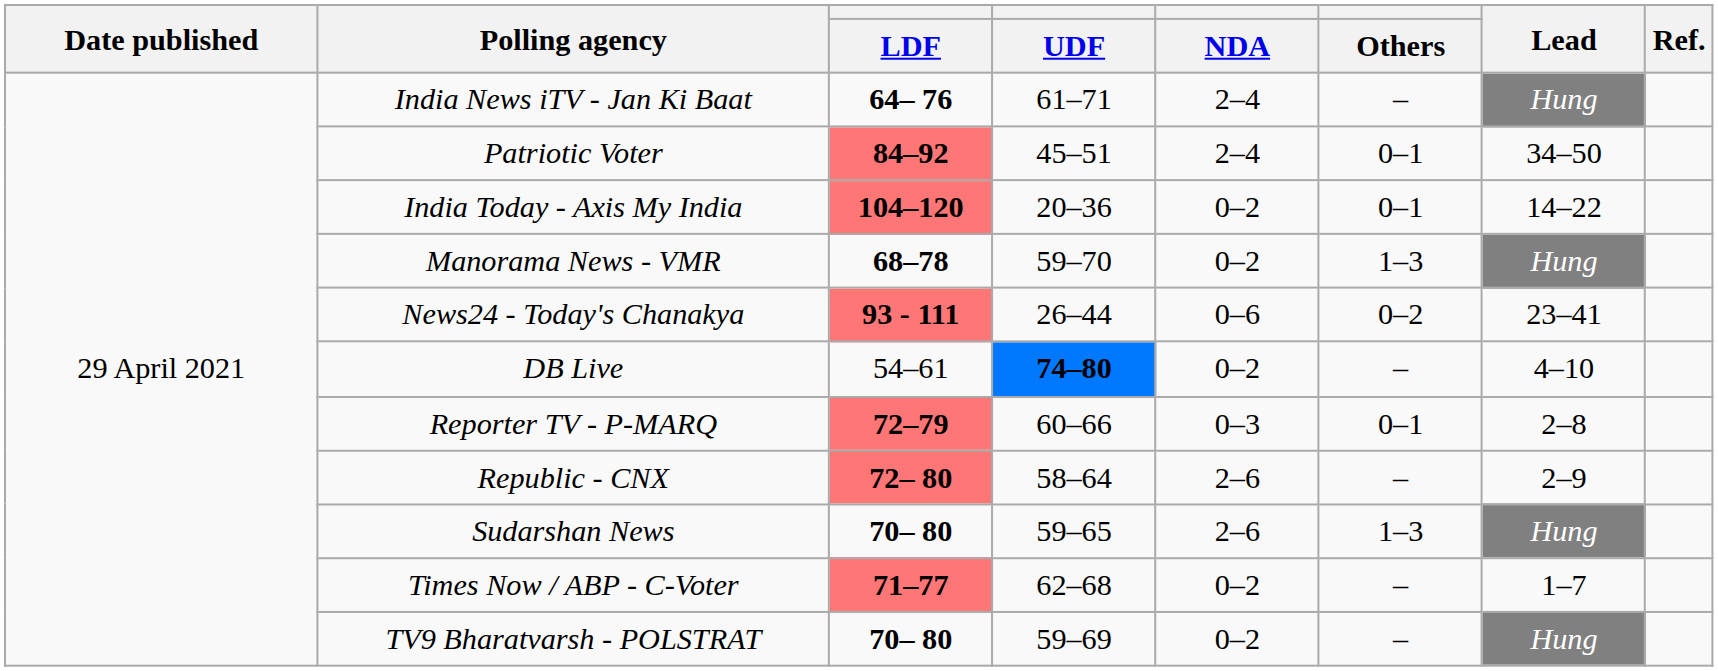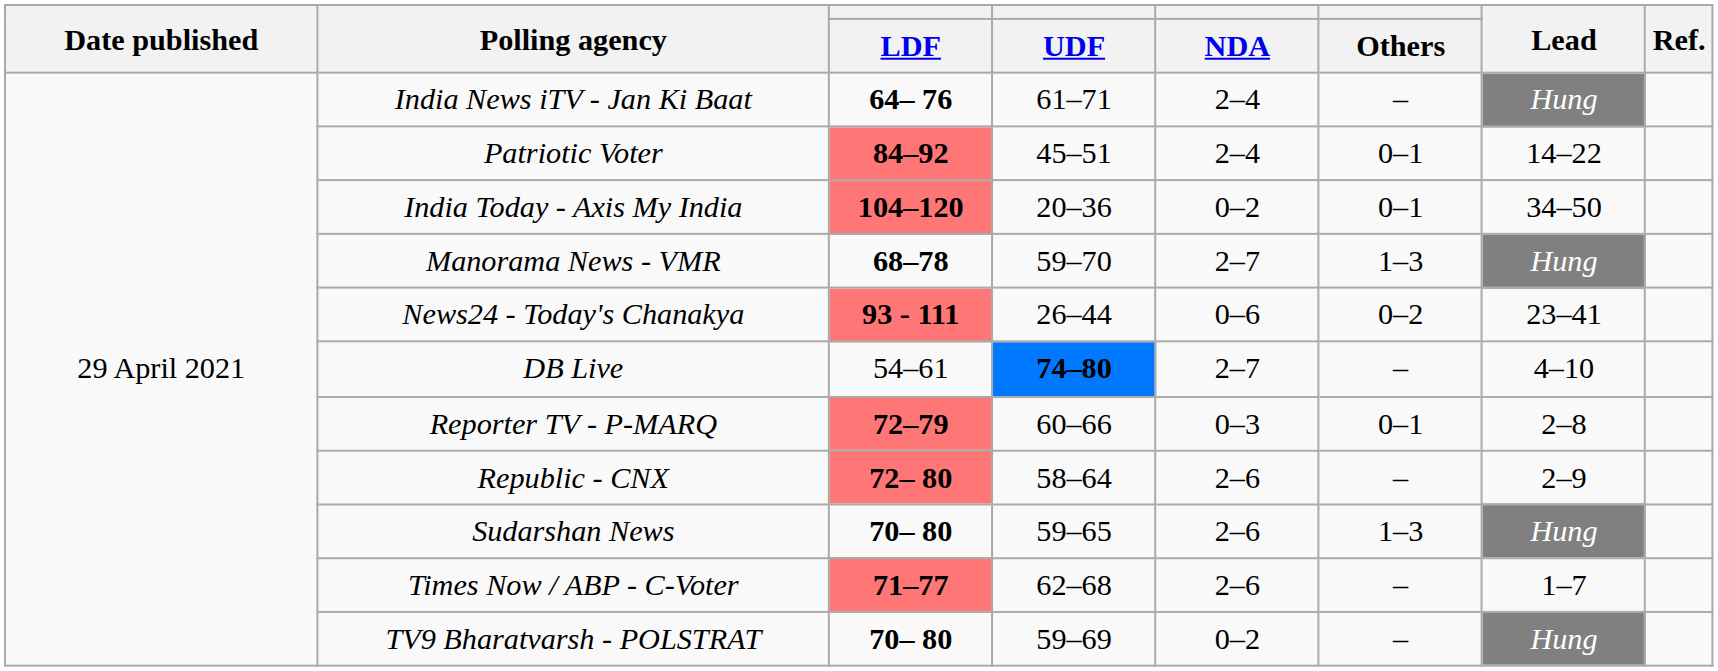 <table class="wikitable" style="text-align:center;font-size:95%;line-height:20px">
 <tr>
 <th rowspan="2" width="150px">Date published</th>
 <th rowspan="2" width="250px">Polling agency</th>
 <th style="color:inherit;background:"></th>
 <th style="color:inherit;background:"></th>
 <th style="color:inherit;background:"></th>
 <th style="color:inherit;background:"></th>
 <th rowspan="2" width="75px">Lead</th>
 <th rowspan="2">Ref.</th>
 </tr>
 <tr>
 <th style="width:75px;"><a href='#'>LDF</a></th>
 <th style="width:75px;"><a href='#'>UDF</a></th>
 <th style="width:75px;"><a href='#'>NDA</a></th>
 <th style="width:75px;">Others</th>
 </tr>
 <tr>
 <td rowspan="11">29 April 2021</td>
 <td><em>India News iTV - Jan Ki Baat</em></td>
 <td><strong>64– 76</strong></td>
 <td>61–71</td>
 <td>2–4</td>
 <td>–</td>
 <td style="background:gray; color:white;"><em>Hung</em></td>
 <td></td>
 </tr>
 <tr>
 <td><em>Patriotic Voter</em></td>
 <td style="background:#FF7676;"><strong>84–92</strong></td>
 <td>45–51</td>
 <td>2–4</td>
 <td>0–1</td>
-<td style="background:">34–50</td>
+<td style="background:">14–22</td>
 <td></td>
 </tr>
 <tr>
 <td><em>India Today - Axis My India</em></td>
 <td style="background:#FF7676;"><strong>104–120</strong></td>
 <td>20–36</td>
 <td>0–2</td>
 <td>0–1</td>
-<td style="background:">14–22</td>
+<td style="background:">34–50</td>
 <td></td>
 </tr>
 <tr>
 <td><em>Manorama News - VMR</em></td>
 <td><strong>68–78</strong></td>
 <td>59–70</td>
-<td>0–2</td>
+<td>2–7</td>
 <td>1–3</td>
 <td style="background:gray; color:white;"><em>Hung</em></td>
 <td></td>
 </tr>
 <tr>
 <td><em>News24 - Today's Chanakya</em></td>
 <td style="background:#FF7676;"><strong>93 - 111</strong></td>
 <td>26–44</td>
 <td>0–6</td>
 <td>0–2</td>
 <td style="background:">23–41</td>
 <td></td>
 </tr>
 <tr>
 <td><em>DB Live</em></td>
 <td>54–61</td>
 <td style="background:#0078FF;"><strong>74–80</strong></td>
-<td>0–2</td>
+<td>2–7</td>
 <td>–</td>
 <td style="background:">4–10</td>
 <td></td>
 </tr>
 <tr>
 <td><em>Reporter TV - P-MARQ</em></td>
 <td style="background:#FF7676;"><strong>72–79</strong></td>
 <td>60–66</td>
 <td>0–3</td>
 <td>0–1</td>
 <td style="background:">2–8</td>
 <td></td>
 </tr>
 <tr>
 <td><em>Republic - CNX</em></td>
 <td style="background:#FF7676;"><strong>72– 80</strong></td>
 <td>58–64</td>
 <td>2–6</td>
 <td>–</td>
 <td style="background:">2–9</td>
 <td></td>
 </tr>
 <tr>
 <td><em>Sudarshan News</em></td>
 <td><strong>70– 80</strong></td>
 <td>59–65</td>
 <td>2–6</td>
 <td>1–3</td>
 <td style="background:gray; color:white;"><em>Hung</em></td>
 <td></td>
 </tr>
 <tr>
 <td><em>Times Now / ABP - C-Voter</em></td>
 <td style="background:#FF7676;"><strong>71–77</strong></td>
 <td>62–68</td>
-<td>0–2</td>
+<td>2–6</td>
 <td>–</td>
 <td style="background:">1–7</td>
 <td></td>
 </tr>
 <tr>
 <td><em>TV9 Bharatvarsh - POLSTRAT</em></td>
 <td><strong>70– 80</strong></td>
 <td>59–69</td>
 <td>0–2</td>
 <td>–</td>
 <td style="background:gray; color:white;"><em>Hung</em></td>
 <td></td>
 </tr>
 </table>
